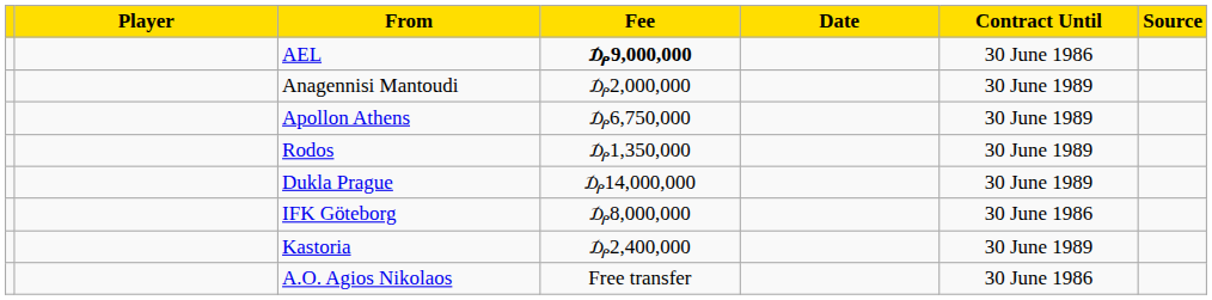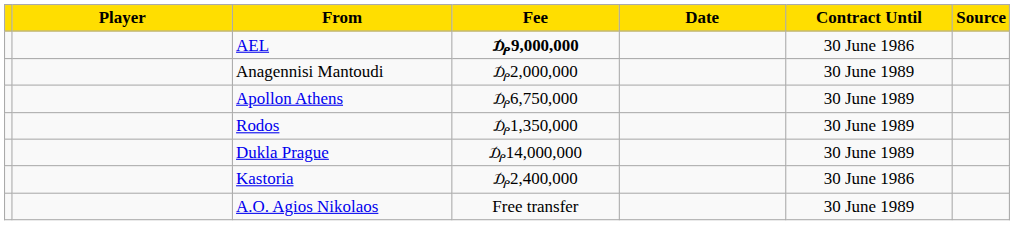 <table class="wikitable sortable">
 <tr>
 <th style="background:#FFDE00"></th>
 <th width=200 style="background:#FFDE00">Player</th>
 <th width=200 style="background:#FFDE00">From</th>
 <th width=150 style="background:#FFDE00">Fee</th>
 <th width=150 style="background:#FFDE00">Date</th>
 <th width=150 style="background:#FFDE00">Contract Until</th>
 <th style="background:#FFDE00">Source</th>
 </tr>
 <tr>
 <td align=center></td>
 <td></td>
 <td> <a href='#'>AEL</a></td>
 <td align=center><strong>₯9,000,000</strong></td>
 <td align=center></td>
 <td align=center>30 June 1986</td>
 <td align=center></td>
 </tr>
 <tr>
 <td align=center></td>
 <td></td>
 <td> Anagennisi Mantoudi</td>
 <td align=center>₯2,000,000</td>
 <td align=center></td>
 <td align=center>30 June 1989</td>
 <td align=center></td>
 </tr>
 <tr>
 <td align=center></td>
 <td></td>
 <td> <a href='#'>Apollon Athens</a></td>
 <td align=center>₯6,750,000</td>
 <td align=center></td>
 <td align=center>30 June 1989</td>
 <td align=center></td>
 </tr>
 <tr>
 <td align=center></td>
 <td></td>
 <td> <a href='#'>Rodos</a></td>
 <td align=center>₯1,350,000</td>
 <td align=center></td>
 <td align=center>30 June 1989</td>
 <td align=center></td>
 </tr>
 <tr>
 <td align=center></td>
 <td></td>
 <td> <a href='#'>Dukla Prague</a></td>
 <td align=center>₯14,000,000</td>
 <td align=center></td>
 <td align=center>30 June 1989</td>
 <td align=center></td>
 </tr>
 <tr>
 <td align=center></td>
 <td></td>
-<td> <a href='#'>IFK Göteborg</a></td>
-<td align=center>₯8,000,000</td>
-<td align=center></td>
-<td align=center>30 June 1986</td>
-<td align=center></td>
-</tr>
-<tr>
-<td align=center></td>
-<td></td>
 <td> <a href='#'>Kastoria</a></td>
 <td align=center>₯2,400,000</td>
 <td align=center></td>
-<td align=center>30 June 1989</td>
+<td align=center>30 June 1986</td>
 <td align=center></td>
 </tr>
 <tr>
 <td align=center></td>
 <td></td>
 <td> <a href='#'>A.O. Agios Nikolaos</a></td>
 <td align=center>Free transfer</td>
 <td align=center></td>
-<td align=center>30 June 1986</td>
+<td align=center>30 June 1989</td>
 <td align=center></td>
 </tr>
 </table>
